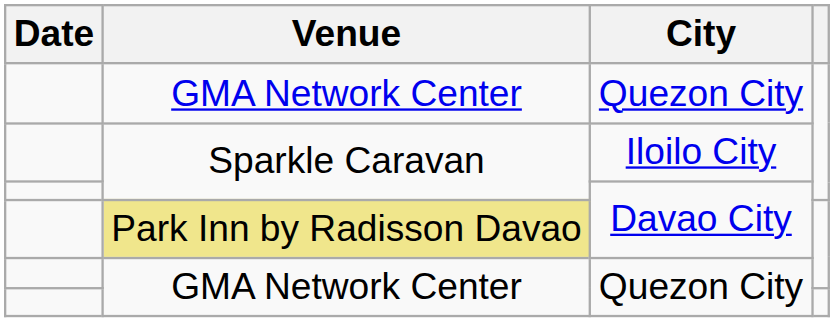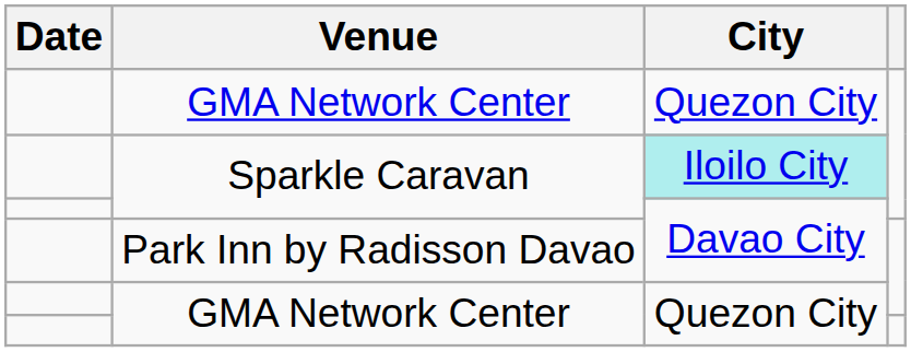 <table class="wikitable" style="text-align:center;">
 <tr>
 <th scope=col>Date</th>
 <th scope=col>Venue</th>
 <th scope=col>City</th>
 <th scope=col></th>
 </tr>
 <tr>
 <td></td>
 <td><a href='#'>GMA Network Center</a></td>
 <td><a href='#'>Quezon City</a></td>
 <td rowspan=3></td>
 </tr>
 <tr>
 <td></td>
 <td rowspan=2>Sparkle Caravan</td>
-<td><a href='#'>Iloilo City</a></td>
+<td style="background: paleturquoise;"><a href='#'>Iloilo City</a></td>
 </tr>
 <tr>
 <td></td>
 <td rowspan=2><a href='#'>Davao City</a></td>
 </tr>
 <tr>
 <td></td>
-<td style="background: khaki;">Park Inn by Radisson Davao</td>
+<td>Park Inn by Radisson Davao</td>
 <td rowspan=2></td>
 </tr>
 <tr>
 <td></td>
 <td rowspan=2>GMA Network Center</td>
 <td rowspan=2>Quezon City</td>
 </tr>
 <tr>
 <td></td>
 <td></td>
 </tr>
 </table>
